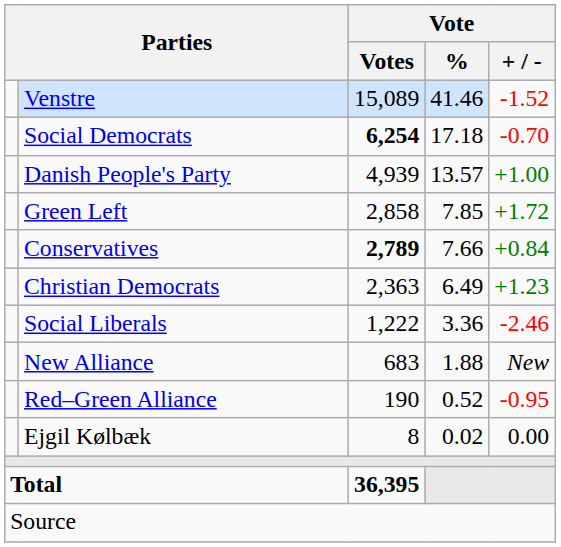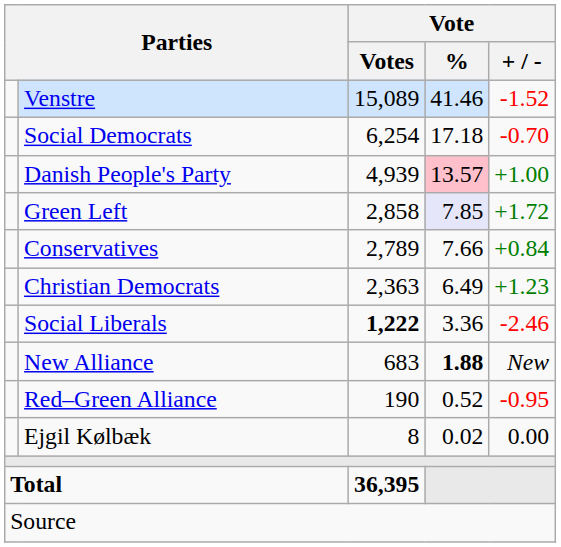 <table class="wikitable" style="text-align:right;">
 <tr>
 <th style="text-align:centre;" rowspan="2" colspan="2" width="225">Parties</th>
 <th colspan="3">Vote</th>
 </tr>
 <tr>
 <th width="15">Votes</th>
 <th width="15">%</th>
 <th width="15">+ / -</th>
 </tr>
 <tr>
 <td width="2" style="color:inherit;background:"></td>
 <td bgcolor=#cfe5fe  align="left"><a href='#'>Venstre</a></td>
 <td bgcolor=#cfe5fe>15,089</td>
 <td bgcolor=#cfe5fe>41.46</td>
 <td style=color:red;>-1.52</td>
 </tr>
 <tr>
 <td width="2" style="color:inherit;background:"></td>
 <td align="left"><a href='#'>Social Democrats</a></td>
-<td><strong>6,254</strong></td>
+<td>6,254</td>
 <td>17.18</td>
 <td style=color:red;>-0.70</td>
 </tr>
 <tr>
 <td width="2" style="color:inherit;background:"></td>
 <td align="left"><a href='#'>Danish People's Party</a></td>
 <td>4,939</td>
-<td>13.57</td>
+<td style="background: pink;">13.57</td>
 <td style=color:green;>+1.00</td>
 </tr>
 <tr>
 <td width="2" style="color:inherit;background:"></td>
 <td align="left"><a href='#'>Green Left</a></td>
 <td>2,858</td>
-<td>7.85</td>
+<td style="background: lavender;">7.85</td>
 <td style=color:green;>+1.72</td>
 </tr>
 <tr>
 <td width="2" style="color:inherit;background:"></td>
 <td align="left"><a href='#'>Conservatives</a></td>
-<td><strong>2,789</strong></td>
+<td>2,789</td>
 <td>7.66</td>
 <td style=color:green;>+0.84</td>
 </tr>
 <tr>
 <td width="2" style="color:inherit;background:"></td>
 <td align="left"><a href='#'>Christian Democrats</a></td>
 <td>2,363</td>
 <td>6.49</td>
 <td style=color:green;>+1.23</td>
 </tr>
 <tr>
 <td width="2" style="color:inherit;background:"></td>
 <td align="left"><a href='#'>Social Liberals</a></td>
-<td>1,222</td>
+<td><strong>1,222</strong></td>
 <td>3.36</td>
 <td style=color:red;>-2.46</td>
 </tr>
 <tr>
 <td width="2" style="color:inherit;background:"></td>
 <td align="left"><a href='#'>New Alliance</a></td>
 <td>683</td>
-<td>1.88</td>
+<td><strong>1.88</strong></td>
 <td><em>New</em></td>
 </tr>
 <tr>
 <td width="2" style="color:inherit;background:"></td>
 <td align="left"><a href='#'>Red–Green Alliance</a></td>
 <td>190</td>
 <td>0.52</td>
 <td style=color:red;>-0.95</td>
 </tr>
 <tr>
 <td width="2" style="color:inherit;background:"></td>
 <td align="left">Ejgil Kølbæk</td>
 <td>8</td>
 <td>0.02</td>
 <td>0.00</td>
 </tr>
 <tr>
 <td colspan="7" bgcolor="#E9E9E9"></td>
 </tr>
 <tr>
 <td align="left" colspan="2"><strong>Total</strong></td>
 <td><strong>36,395</strong></td>
 <td bgcolor="#E9E9E9" colspan="2"></td>
 </tr>
 <tr>
 <td align="left" colspan="6">Source</td>
 </tr>
 </table>
